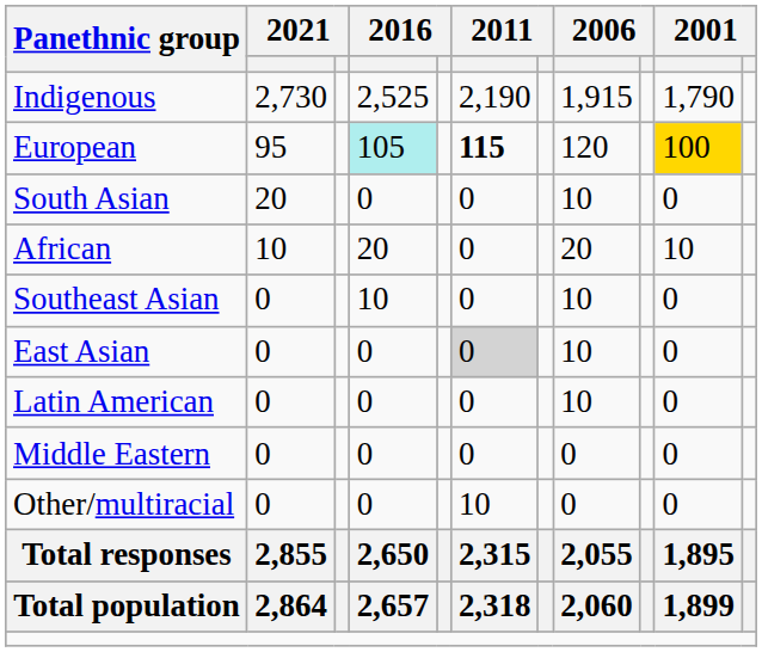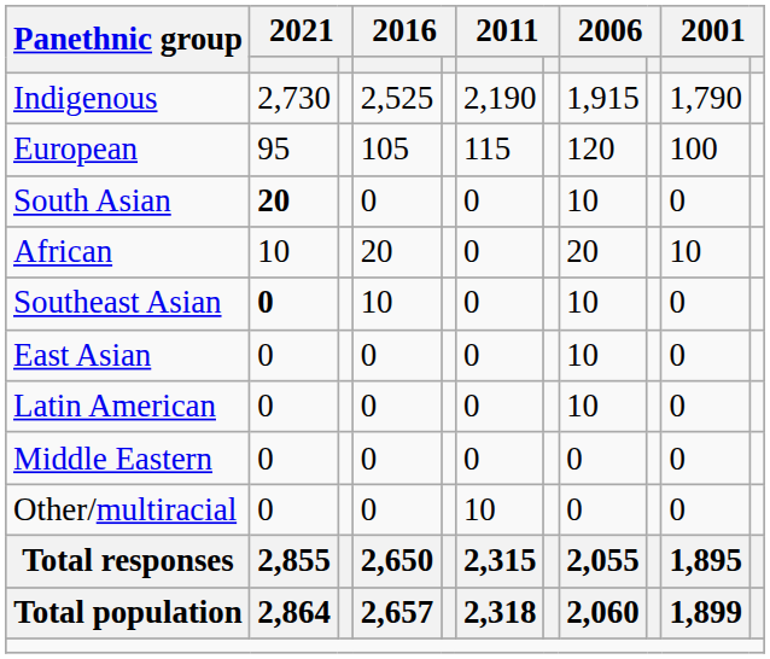 <table class="wikitable collapsible sortable">
 <tr>
 <th rowspan="2"><a href='#'>Panethnic</a> group</th>
 <th colspan="2">2021</th>
 <th colspan="2">2016</th>
 <th colspan="2">2011</th>
 <th colspan="2">2006</th>
 <th colspan="2">2001</th>
 </tr>
 <tr>
 <th><a href='#'></a></th>
 <th></th>
 <th></th>
 <th></th>
 <th></th>
 <th></th>
 <th></th>
 <th></th>
 <th></th>
 <th></th>
 </tr>
 <tr>
 <td><a href='#'>Indigenous</a></td>
 <td>2,730</td>
 <td></td>
 <td>2,525</td>
 <td></td>
 <td>2,190</td>
 <td></td>
 <td>1,915</td>
 <td></td>
 <td>1,790</td>
 <td></td>
 </tr>
 <tr>
 <td><a href='#'>European</a></td>
 <td>95</td>
 <td></td>
-<td style="background: paleturquoise;">105</td>
+<td>105</td>
 <td></td>
-<td><strong>115</strong></td>
+<td>115</td>
 <td></td>
 <td>120</td>
 <td></td>
-<td style="background: gold;">100</td>
+<td>100</td>
 <td></td>
 </tr>
 <tr>
 <td><a href='#'>South Asian</a></td>
-<td>20</td>
+<td><strong>20</strong></td>
 <td></td>
 <td>0</td>
 <td></td>
 <td>0</td>
 <td></td>
 <td>10</td>
 <td></td>
 <td>0</td>
 <td></td>
 </tr>
 <tr>
 <td><a href='#'>African</a></td>
 <td>10</td>
 <td></td>
 <td>20</td>
 <td></td>
 <td>0</td>
 <td></td>
 <td>20</td>
 <td></td>
 <td>10</td>
 <td></td>
 </tr>
 <tr>
 <td><a href='#'>Southeast Asian</a></td>
-<td>0</td>
+<td><strong>0</strong></td>
 <td></td>
 <td>10</td>
 <td></td>
 <td>0</td>
 <td></td>
 <td>10</td>
 <td></td>
 <td>0</td>
 <td></td>
 </tr>
 <tr>
 <td><a href='#'>East Asian</a></td>
 <td>0</td>
 <td></td>
 <td>0</td>
 <td></td>
-<td style="background: lightgrey;">0</td>
+<td>0</td>
 <td></td>
 <td>10</td>
 <td></td>
 <td>0</td>
 <td></td>
 </tr>
 <tr>
 <td><a href='#'>Latin American</a></td>
 <td>0</td>
 <td></td>
 <td>0</td>
 <td></td>
 <td>0</td>
 <td></td>
 <td>10</td>
 <td></td>
 <td>0</td>
 <td></td>
 </tr>
 <tr>
 <td><a href='#'>Middle Eastern</a></td>
 <td>0</td>
 <td></td>
 <td>0</td>
 <td></td>
 <td>0</td>
 <td></td>
 <td>0</td>
 <td></td>
 <td>0</td>
 <td></td>
 </tr>
 <tr>
 <td>Other/<a href='#'>multiracial</a></td>
 <td>0</td>
 <td></td>
 <td>0</td>
 <td></td>
 <td>10</td>
 <td></td>
 <td>0</td>
 <td></td>
 <td>0</td>
 <td></td>
 </tr>
 <tr>
 <th>Total responses</th>
 <th>2,855</th>
 <th></th>
 <th>2,650</th>
 <th></th>
 <th>2,315</th>
 <th></th>
 <th>2,055</th>
 <th></th>
 <th>1,895</th>
 <th></th>
 </tr>
 <tr class="sortbottom">
 <th>Total population</th>
 <th>2,864</th>
 <th></th>
 <th>2,657</th>
 <th></th>
 <th>2,318</th>
 <th></th>
 <th>2,060</th>
 <th></th>
 <th>1,899</th>
 <th></th>
 </tr>
 <tr class="sortbottom">
 <td colspan="11"></td>
 </tr>
 </table>
